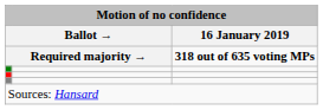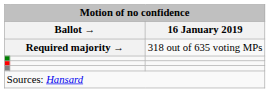 <table class="wikitable" style="text-align:center; font-size:98%;">
 <tr>
 <td colspan="3"  style="text-align:center; background:silver;"><strong>Motion of no confidence</strong></td>
 </tr>
 <tr>
 <th colspan="2" style="width:200px;">Ballot →</th>
 <th>16 January 2019</th>
 </tr>
 <tr>
 <th colspan="2">Required majority →</th>
-<td><strong>318 out of 635 voting MPs </strong></td>
+<td>318 out of 635 voting MPs </td>
 </tr>
 <tr>
 <th style="width:1px; background:green;"></th>
 <td style="text-align:left;"></td>
 <td></td>
 </tr>
 <tr>
 <th style="width:1px; background:red;"></th>
 <td style="text-align:left;"></td>
 <td></td>
 </tr>
 <tr>
 <th style="width:1px; background:gray;"></th>
 <td style="text-align:left;"></td>
 <td></td>
 </tr>
 <tr>
 <td colspan="3" style="text-align:left;">Sources: <em><a href='#'>Hansard</a></em></td>
 </tr>
 </table>
